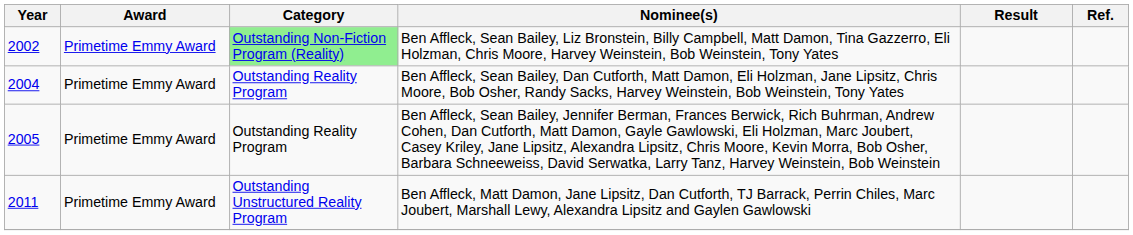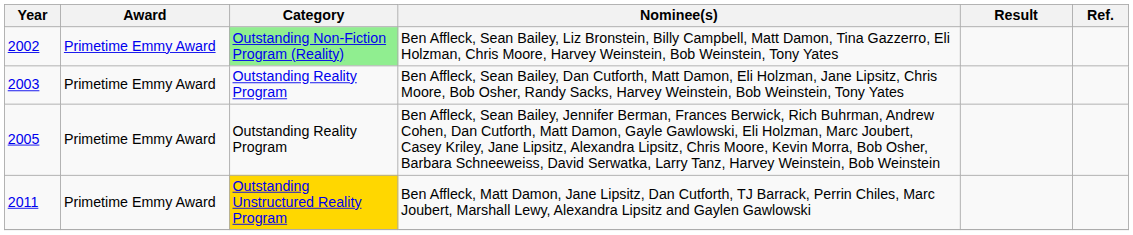 <table class="wikitable plainrowheaders" width=100%>
 <tr>
 <th scope="col" width="5%">Year</th>
 <th scope="col" width="15%">Award</th>
 <th scope="col" width="15%">Category</th>
 <th scope="col" width="50%">Nominee(s)</th>
 <th scope="col" width="10%">Result</th>
 <th scope="col" width="5%">Ref.</th>
 </tr>
 <tr>
 <td><a href='#'>2002</a></td>
 <td><a href='#'>Primetime Emmy Award</a></td>
 <td style="background: lightgreen;"><a href='#'>Outstanding Non-Fiction Program (Reality)</a></td>
 <td>Ben Affleck, Sean Bailey, Liz Bronstein, Billy Campbell, Matt Damon, Tina Gazzerro, Eli Holzman, Chris Moore, Harvey Weinstein, Bob Weinstein, Tony Yates</td>
 <td></td>
 <td></td>
 </tr>
 <tr>
-<td><a href='#'>2004</a></td>
+<td><a href='#'>2003</a></td>
 <td>Primetime Emmy Award</td>
 <td><a href='#'>Outstanding Reality Program</a></td>
 <td>Ben Affleck, Sean Bailey, Dan Cutforth, Matt Damon, Eli Holzman, Jane Lipsitz, Chris Moore, Bob Osher, Randy Sacks, Harvey Weinstein, Bob Weinstein, Tony Yates</td>
 <td></td>
 <td></td>
 </tr>
 <tr>
 <td><a href='#'>2005</a></td>
 <td>Primetime Emmy Award</td>
 <td>Outstanding Reality Program</td>
 <td>Ben Affleck, Sean Bailey, Jennifer Berman, Frances Berwick, Rich Buhrman, Andrew Cohen, Dan Cutforth, Matt Damon, Gayle Gawlowski, Eli Holzman, Marc Joubert, Casey Kriley, Jane Lipsitz, Alexandra Lipsitz, Chris Moore, Kevin Morra, Bob Osher, Barbara Schneeweiss, David Serwatka, Larry Tanz, Harvey Weinstein, Bob Weinstein</td>
 <td></td>
 <td></td>
 </tr>
 <tr>
 <td><a href='#'>2011</a></td>
 <td>Primetime Emmy Award</td>
-<td><a href='#'>Outstanding Unstructured Reality Program</a></td>
+<td style="background: gold;"><a href='#'>Outstanding Unstructured Reality Program</a></td>
 <td>Ben Affleck, Matt Damon, Jane Lipsitz, Dan Cutforth, TJ Barrack, Perrin Chiles, Marc Joubert, Marshall Lewy, Alexandra Lipsitz and Gaylen Gawlowski</td>
 <td></td>
 <td></td>
 </tr>
 <tr>
 </tr>
 </table>
